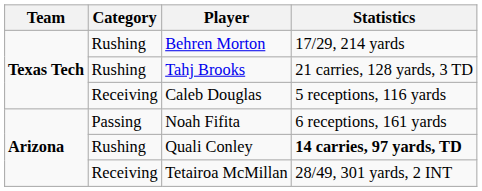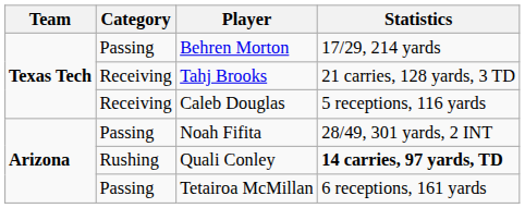 <table class="wikitable" style="float: right;">
 <tr>
 <th>Team</th>
 <th>Category</th>
 <th>Player</th>
 <th>Statistics</th>
 </tr>
 <tr>
 <td rowspan=3><strong>Texas Tech</strong></td>
-<td>Rushing</td>
+<td>Passing</td>
 <td><a href='#'>Behren Morton</a></td>
 <td>17/29, 214 yards</td>
 </tr>
 <tr>
-<td>Rushing</td>
+<td>Receiving</td>
 <td><a href='#'>Tahj Brooks</a></td>
 <td>21 carries, 128 yards, 3 TD</td>
 </tr>
 <tr>
 <td>Receiving</td>
 <td>Caleb Douglas</td>
 <td>5 receptions, 116 yards</td>
 </tr>
 <tr>
 <td rowspan=3><strong>Arizona</strong></td>
 <td>Passing</td>
 <td>Noah Fifita</td>
-<td>6 receptions, 161 yards</td>
+<td>28/49, 301 yards, 2 INT</td>
 </tr>
 <tr>
 <td>Rushing</td>
 <td>Quali Conley</td>
 <td><strong>14 carries, 97 yards, TD</strong></td>
 </tr>
 <tr>
-<td>Receiving</td>
+<td>Passing</td>
 <td>Tetairoa McMillan</td>
-<td>28/49, 301 yards, 2 INT</td>
+<td>6 receptions, 161 yards</td>
 </tr>
 </table>
